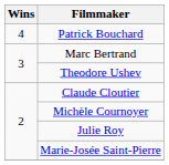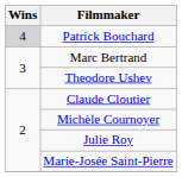 <table class="wikitable" style="text-align:center;">
 <tr>
 <th scope="col" width="17">Wins</th>
 <th scope="col" align="center">Filmmaker</th>
 </tr>
 <tr>
-<td rowspan="1" style="text-align:center;">4</td>
+<td rowspan="1" style="background: lightgrey; text-align:center;">4</td>
 <td><a href='#'>Patrick Bouchard</a></td>
 </tr>
 <tr>
 <td rowspan="2" style="text-align:center;">3</td>
 <td>Marc Bertrand</td>
 </tr>
 <tr>
 <td><a href='#'>Theodore Ushev</a></td>
 </tr>
 <tr>
 <td rowspan="4" style="text-align:center;">2</td>
 <td><a href='#'>Claude Cloutier</a></td>
 </tr>
 <tr>
 <td><a href='#'>Michèle Cournoyer</a></td>
 </tr>
 <tr>
 <td><a href='#'>Julie Roy</a></td>
 </tr>
 <tr>
 <td><a href='#'>Marie-Josée Saint-Pierre</a></td>
 </tr>
 <tr>
 </tr>
 </table>
